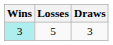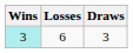 <table class="wikitable">
 <tr>
 <th>Wins</th>
 <th>Losses</th>
 <th>Draws</th>
 </tr>
 <tr>
 <td align=center style="background: paleturquoise;">3</td>
-<td align=center>5</td>
+<td align=center>6</td>
 <td align=center>3</td>
 </tr>
 </table>
